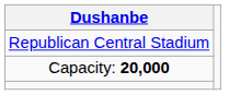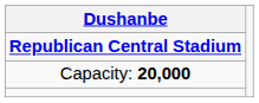 <table class="wikitable" style="text-align:center">
 <tr>
 <th><a href='#'>Dushanbe</a></th>
 <td rowspan=4></td>
 </tr>
 <tr>
-<td><a href='#'>Republican Central Stadium</a></td>
+<td><strong><a href='#'>Republican Central Stadium</a></strong></td>
 </tr>
 <tr>
 <td>Capacity: <strong>20,000</strong></td>
 </tr>
 <tr>
 <td></td>
 </tr>
 </table>
